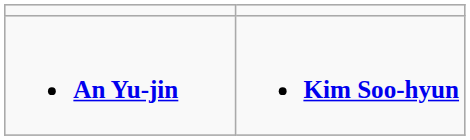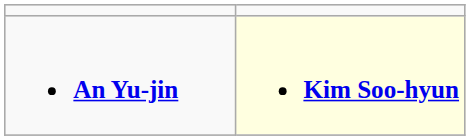 <table class="wikitable">
 <tr>
 <td style="width:50%"></td>
 <td style="width:50%"></td>
 </tr>
 <tr>
 <td style="vertical-align:top"><br><ul><li><strong><a href='#'>An Yu-jin</a></strong></li></ul></td>
-<td style="vertical-align:top"><br><ul><li><strong><a href='#'>Kim Soo-hyun</a></strong></li></ul></td>
+<td style="background: lightyellow; vertical-align:top"><br><ul><li><strong><a href='#'>Kim Soo-hyun</a></strong></li></ul></td>
 </tr>
 </table>
